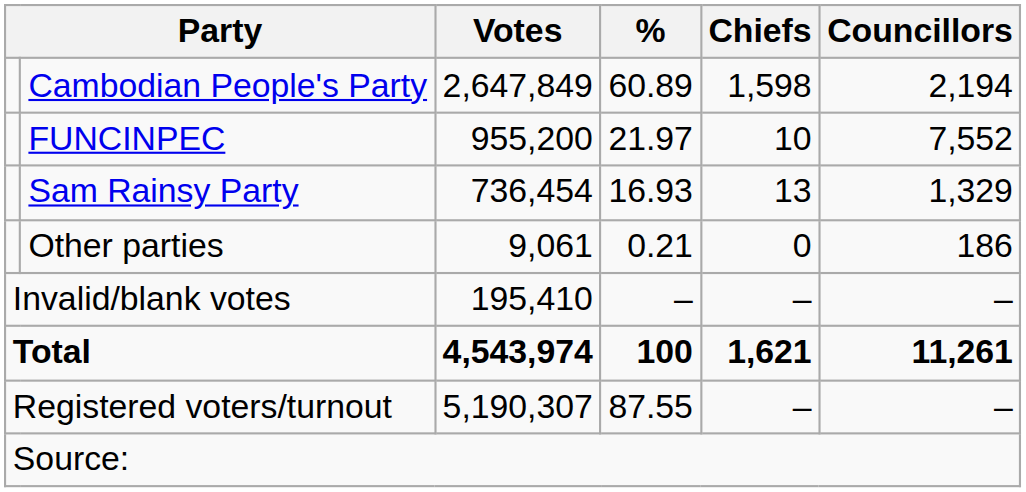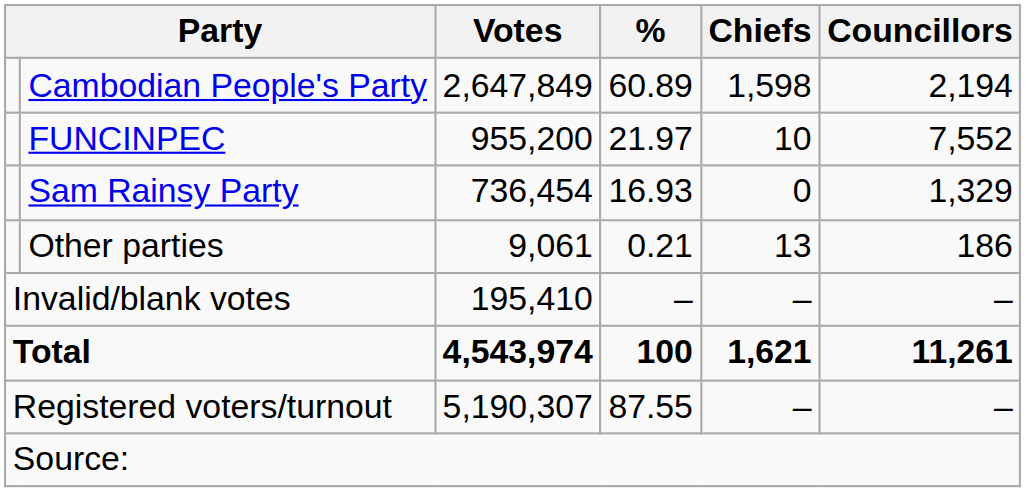 <table class=wikitable style=text-align:right>
 <tr>
 <th colspan=2>Party</th>
 <th>Votes</th>
 <th>%</th>
 <th>Chiefs</th>
 <th>Councillors</th>
 </tr>
 <tr>
 <td></td>
 <td align=left><a href='#'>Cambodian People's Party</a></td>
 <td>2,647,849</td>
 <td>60.89</td>
 <td>1,598</td>
 <td>2,194</td>
 </tr>
 <tr>
 <td></td>
 <td align=left><a href='#'>FUNCINPEC</a></td>
 <td>955,200</td>
 <td>21.97</td>
 <td>10</td>
 <td>7,552</td>
 </tr>
 <tr>
 <td></td>
 <td align=left><a href='#'>Sam Rainsy Party</a></td>
 <td>736,454</td>
 <td>16.93</td>
-<td>13</td>
+<td>0</td>
 <td>1,329</td>
 </tr>
 <tr>
 <td></td>
 <td align=left>Other parties</td>
 <td>9,061</td>
 <td>0.21</td>
-<td>0</td>
+<td>13</td>
 <td>186</td>
 </tr>
 <tr>
 <td style="text-align:left;" colspan="2">Invalid/blank votes</td>
 <td>195,410</td>
 <td>–</td>
 <td>–</td>
 <td>–</td>
 </tr>
 <tr>
 <td style="text-align:left;" colspan="2"><strong>Total</strong></td>
 <td><strong>4,543,974</strong></td>
 <td><strong>100</strong></td>
 <td><strong>1,621</strong></td>
 <td><strong>11,261</strong></td>
 </tr>
 <tr>
 <td style="text-align:left;" colspan="2">Registered voters/turnout</td>
 <td>5,190,307</td>
 <td>87.55</td>
 <td>–</td>
 <td>–</td>
 </tr>
 <tr>
 <td style="text-align:left;" colspan="8">Source: </td>
 </tr>
 </table>
